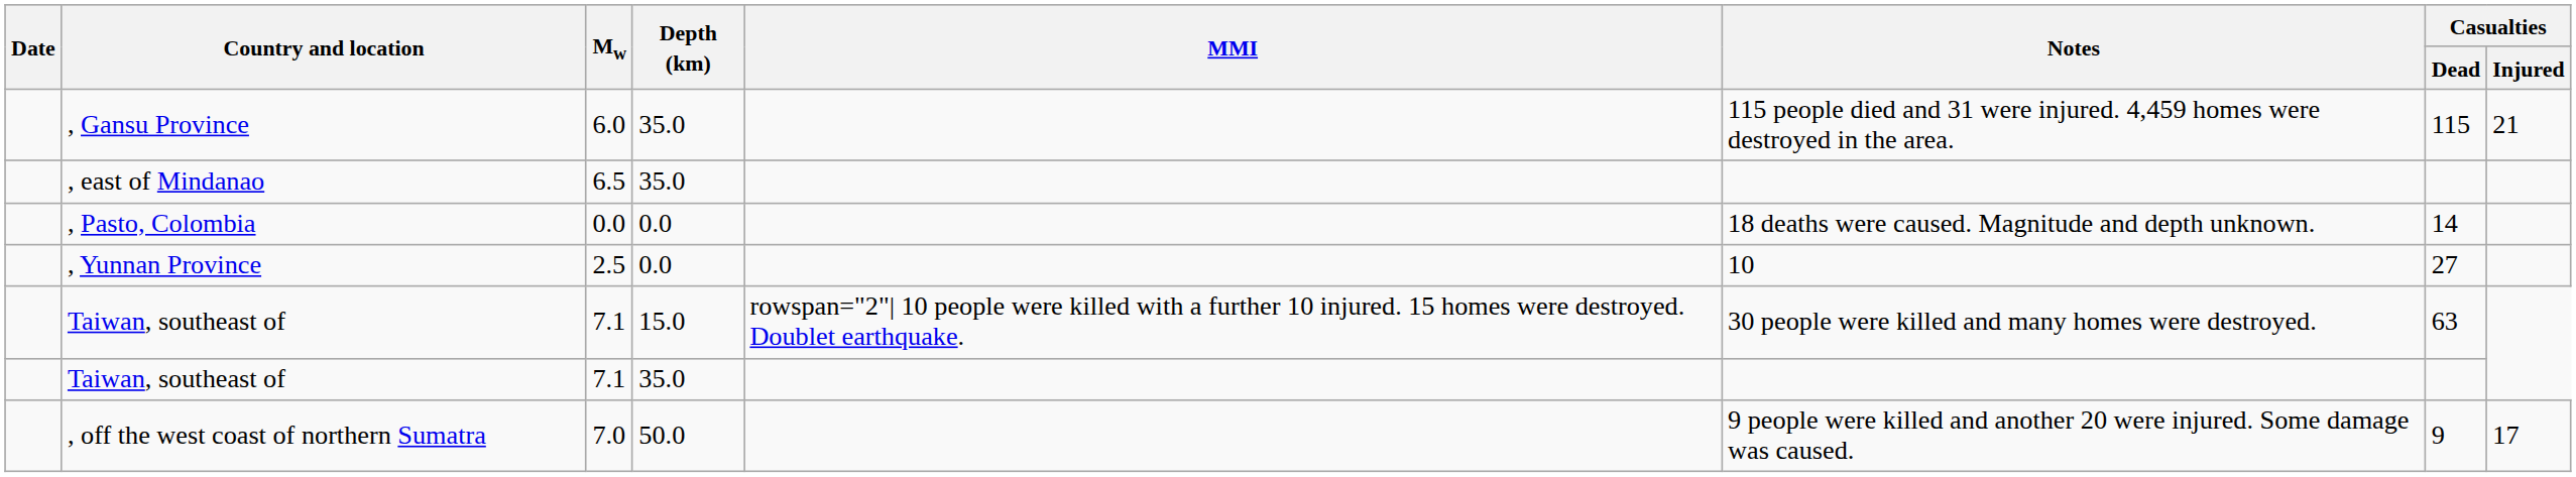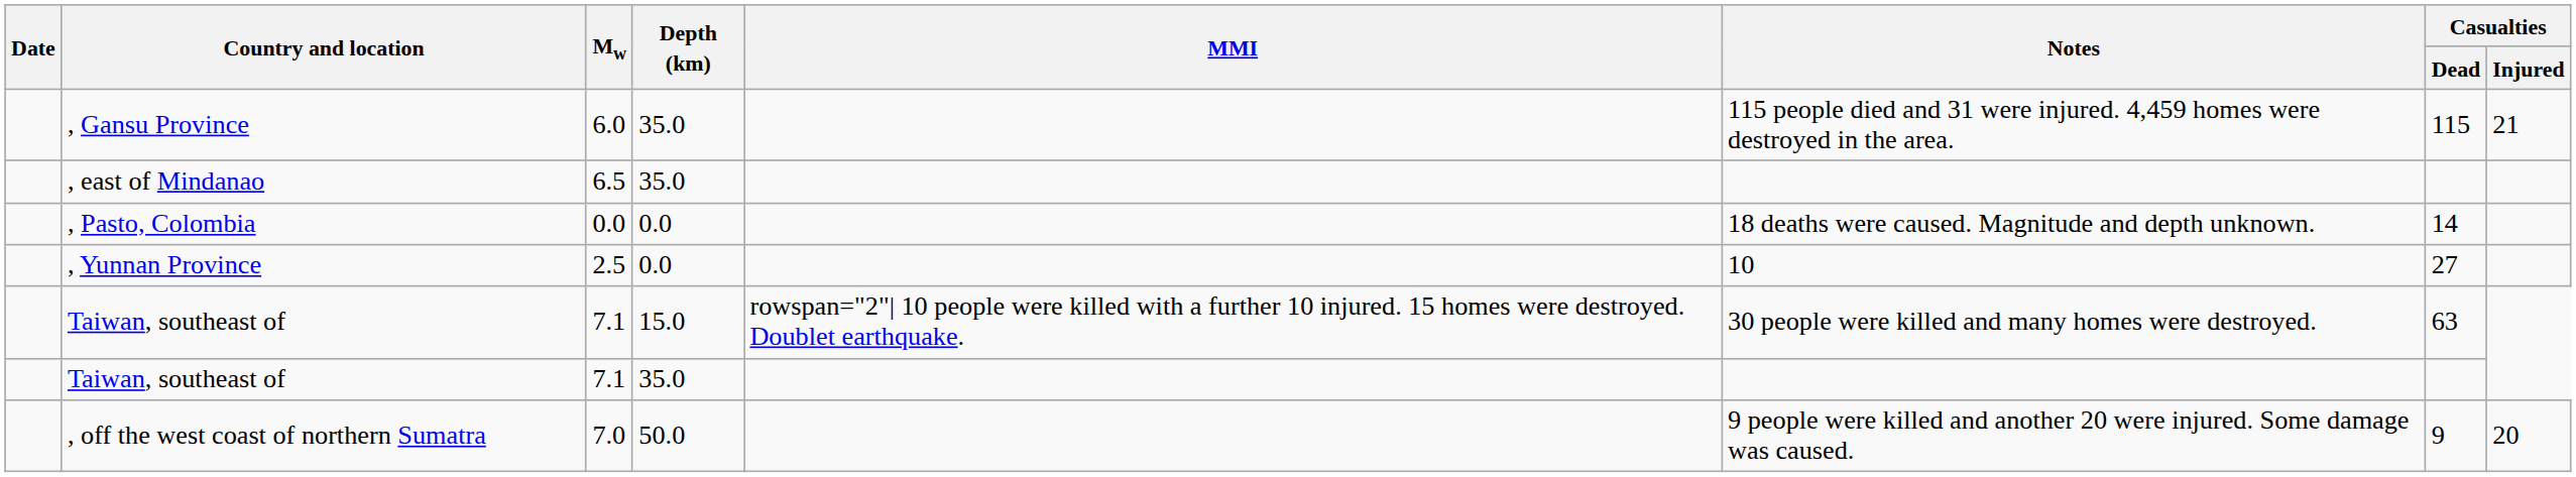 <table class="wikitable sortable sort-under" style="border:1px black; margin-left:1em;">
 <tr>
 <th rowspan="2"><small>Date</small></th>
 <th rowspan="2" style="width: 310px"><small>Country and location</small></th>
 <th rowspan="2"><small>M<sub>w</sub></small></th>
 <th rowspan="2"><small>Depth (km)</small></th>
 <th rowspan="2"><small><a href='#'>MMI</a></small></th>
 <th rowspan="2" class="unsortable"><small>Notes</small></th>
 <th colspan="2"><small>Casualties</small></th>
 </tr>
 <tr>
 <th><small>Dead</small></th>
 <th><small>Injured</small></th>
 </tr>
 <tr>
 <td></td>
 <td>, <a href='#'>Gansu Province</a></td>
 <td>6.0</td>
 <td>35.0</td>
 <td></td>
 <td>115 people died and 31 were injured. 4,459 homes were destroyed in the area.</td>
 <td>115</td>
 <td>21</td>
 </tr>
 <tr>
 <td></td>
 <td>, east of <a href='#'>Mindanao</a></td>
 <td>6.5</td>
 <td>35.0</td>
 <td></td>
 <td></td>
 <td></td>
 <td></td>
 </tr>
 <tr>
 <td></td>
 <td>, <a href='#'>Pasto, Colombia</a></td>
 <td>0.0</td>
 <td>0.0</td>
 <td></td>
 <td>18 deaths were caused. Magnitude and depth unknown.</td>
 <td>14</td>
 <td></td>
 </tr>
 <tr>
 <td></td>
 <td>, <a href='#'>Yunnan Province</a></td>
 <td>2.5</td>
 <td>0.0</td>
 <td></td>
 <td>10</td>
 <td>27</td>
 <td></td>
 </tr>
 <tr>
 <td></td>
 <td> <a href='#'>Taiwan</a>, southeast of</td>
 <td>7.1</td>
 <td>15.0</td>
 <td>rowspan="2"| 10 people were killed with a further 10 injured. 15 homes were destroyed. <a href='#'>Doublet earthquake</a>.</td>
 <td>30 people were killed and many homes were destroyed.</td>
 <td>63</td>
 </tr>
 <tr>
 <td></td>
 <td> <a href='#'>Taiwan</a>, southeast of</td>
 <td>7.1</td>
 <td>35.0</td>
 <td></td>
 <td></td>
 <td></td>
 </tr>
 <tr>
 <td></td>
 <td>, off the west coast of northern <a href='#'>Sumatra</a></td>
 <td>7.0</td>
 <td>50.0</td>
 <td></td>
 <td>9 people were killed and another 20 were injured. Some damage was caused.</td>
 <td>9</td>
-<td>17</td>
+<td>20</td>
 </tr>
 </table>
